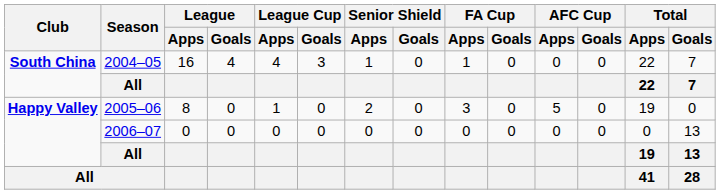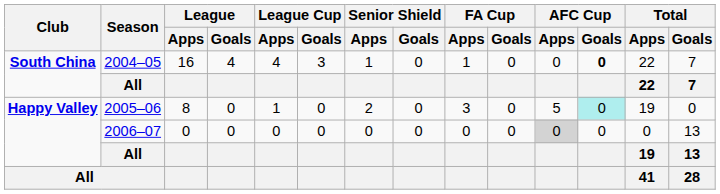 <table class="wikitable" style="text-align: center;">
 <tr>
 <th rowspan=2>Club</th>
 <th rowspan=2>Season</th>
 <th colspan=2>League</th>
 <th colspan=2>League Cup</th>
 <th colspan=2>Senior Shield</th>
 <th colspan=2>FA Cup</th>
 <th colspan=2>AFC Cup</th>
 <th colspan=2>Total</th>
 </tr>
 <tr>
 <th>Apps</th>
 <th>Goals</th>
 <th>Apps</th>
 <th>Goals</th>
 <th>Apps</th>
 <th>Goals</th>
 <th>Apps</th>
 <th>Goals</th>
 <th>Apps</th>
 <th>Goals</th>
 <th>Apps</th>
 <th>Goals</th>
 </tr>
 <tr>
 <td rowspan=2 valign="top"><strong><a href='#'>South China</a></strong></td>
 <td><a href='#'>2004–05</a></td>
 <td>16</td>
 <td>4</td>
 <td>4</td>
 <td>3</td>
 <td>1</td>
 <td>0</td>
 <td>1</td>
 <td>0</td>
 <td>0</td>
-<td>0</td>
+<td><strong>0</strong></td>
 <td>22</td>
 <td>7</td>
 </tr>
 <tr>
 <th>All</th>
 <th></th>
 <th></th>
 <th></th>
 <th></th>
 <th></th>
 <th></th>
 <th></th>
 <th></th>
 <th></th>
 <th></th>
 <th>22</th>
 <th>7</th>
 </tr>
 <tr>
 <td rowspan=3 valign="top"><strong><a href='#'>Happy Valley</a></strong></td>
 <td><a href='#'>2005–06</a></td>
 <td>8</td>
 <td>0</td>
 <td>1</td>
 <td>0</td>
 <td>2</td>
 <td>0</td>
 <td>3</td>
 <td>0</td>
 <td>5</td>
-<td>0</td>
+<td style="background: paleturquoise;">0</td>
 <td>19</td>
 <td>0</td>
 </tr>
 <tr>
 <td><a href='#'>2006–07</a></td>
 <td>0</td>
 <td>0</td>
 <td>0</td>
 <td>0</td>
 <td>0</td>
 <td>0</td>
 <td>0</td>
 <td>0</td>
-<td>0</td>
+<td style="background: lightgrey;">0</td>
 <td>0</td>
 <td>0</td>
 <td>13</td>
 </tr>
 <tr>
 <th>All</th>
 <th></th>
 <th></th>
 <th></th>
 <th></th>
 <th></th>
 <th></th>
 <th></th>
 <th></th>
 <th></th>
 <th></th>
 <th>19</th>
 <th>13</th>
 </tr>
 <tr>
 <th colspan=2>All</th>
 <th></th>
 <th></th>
 <th></th>
 <th></th>
 <th></th>
 <th></th>
 <th></th>
 <th></th>
 <th></th>
 <th></th>
 <th>41</th>
 <th>28</th>
 </tr>
 </table>
